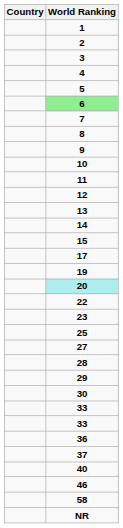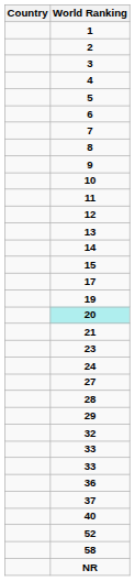 <table class="wikitable" style="font-size:90%">
 <tr>
 <th>Country</th>
 <th>World Ranking</th>
 </tr>
 <tr>
 <td></td>
 <td align=center><strong>1</strong></td>
 </tr>
 <tr>
 <td></td>
 <td align=center><strong>2</strong></td>
 </tr>
 <tr>
 <td></td>
 <td align=center><strong>3</strong></td>
 </tr>
 <tr>
 <td></td>
 <td align=center><strong>4</strong></td>
 </tr>
 <tr>
 <td></td>
 <td align=center><strong>5</strong></td>
 </tr>
 <tr>
 <td></td>
-<td align=center style="background: lightgreen;"><strong>6</strong></td>
+<td align=center><strong>6</strong></td>
 </tr>
 <tr>
 <td></td>
 <td align=center><strong>7</strong></td>
 </tr>
 <tr>
 <td></td>
 <td align=center><strong>8</strong></td>
 </tr>
 <tr>
 <td></td>
 <td align=center><strong>9</strong></td>
 </tr>
 <tr>
 <td></td>
 <td align=center><strong>10</strong></td>
 </tr>
 <tr>
 <td></td>
 <td align=center><strong>11</strong></td>
 </tr>
 <tr>
 <td></td>
 <td align=center><strong>12</strong></td>
 </tr>
 <tr>
 <td></td>
 <td align=center><strong>13</strong></td>
 </tr>
 <tr>
 <td></td>
 <td align=center><strong>14</strong></td>
 </tr>
 <tr>
 <td></td>
 <td align=center><strong>15</strong></td>
 </tr>
 <tr>
 <td></td>
 <td align=center><strong>17</strong></td>
 </tr>
 <tr>
 <td></td>
 <td align=center><strong>19</strong></td>
 </tr>
 <tr>
 <td></td>
 <td align=center style="background: paleturquoise;"><strong>20</strong></td>
 </tr>
 <tr>
 <td></td>
-<td align=center><strong>22</strong></td>
+<td align=center><strong>21</strong></td>
 </tr>
 <tr>
 <td></td>
 <td align=center><strong>23</strong></td>
 </tr>
 <tr>
 <td></td>
-<td align=center><strong>25</strong></td>
+<td align=center><strong>24</strong></td>
 </tr>
 <tr>
 <td></td>
 <td align=center><strong>27</strong></td>
 </tr>
 <tr>
 <td></td>
 <td align=center><strong>28</strong></td>
 </tr>
 <tr>
 <td></td>
 <td align=center><strong>29</strong></td>
 </tr>
 <tr>
 <td></td>
-<td align=center><strong>30</strong></td>
+<td align=center><strong>32</strong></td>
 </tr>
 <tr>
 <td></td>
 <td align=center><strong>33</strong></td>
 </tr>
 <tr>
 <td></td>
 <td align=center><strong>33</strong></td>
 </tr>
 <tr>
 <td></td>
 <td align=center><strong>36</strong></td>
 </tr>
 <tr>
 <td></td>
 <td align=center><strong>37</strong></td>
 </tr>
 <tr>
 <td></td>
 <td align=center><strong>40</strong></td>
 </tr>
 <tr>
 <td></td>
-<td align=center><strong>46</strong></td>
+<td align=center><strong>52</strong></td>
 </tr>
 <tr>
 <td></td>
 <td align=center><strong>58</strong></td>
 </tr>
 <tr>
 <td></td>
 <td align=center><strong>NR</strong></td>
 </tr>
 </table>
